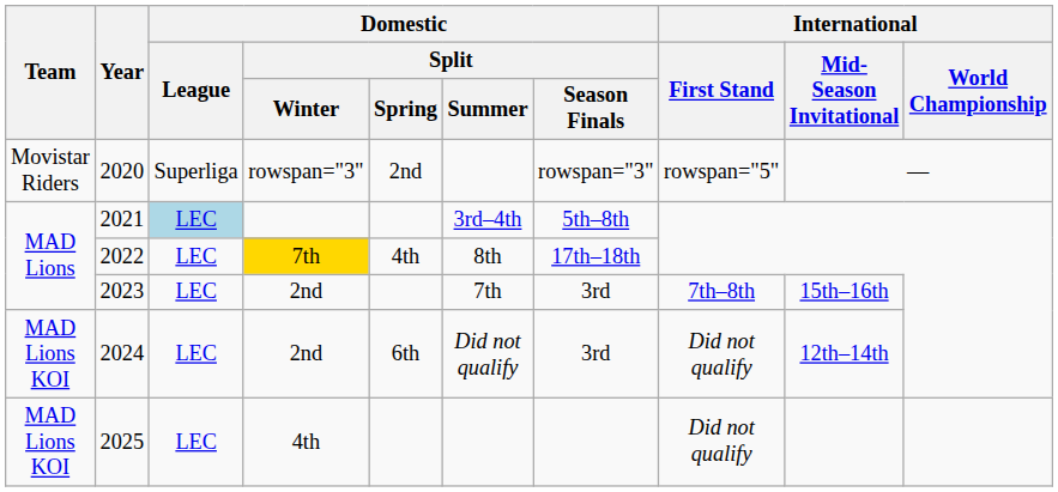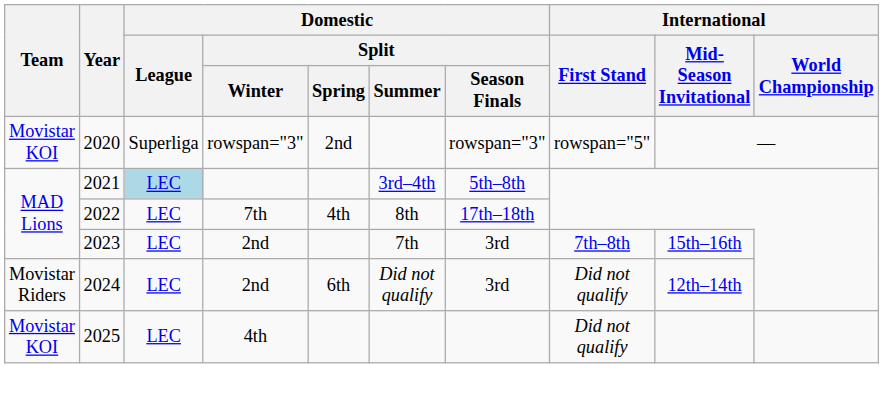 <table class="wikitable" style="font-size:90%; text-align:center;">
 <tr style="background:#f0f6ff;">
 <th rowspan=3>Team</th>
 <th rowspan=3>Year</th>
 <th colspan=5>Domestic</th>
 <th colspan=3>International</th>
 </tr>
 <tr>
 <th rowspan=2>League</th>
 <th colspan=4>Split</th>
 <th rowspan=2><a href='#'>First Stand</a></th>
 <th rowspan=2><a href='#'>Mid-Season Invitational</a></th>
 <th rowspan=2><a href='#'>World Championship</a></th>
 </tr>
 <tr>
 <th>Winter</th>
 <th>Spring</th>
 <th>Summer</th>
 <th>Season Finals</th>
 </tr>
 <tr>
-<td>Movistar Riders</td>
+<td><a href='#'>Movistar KOI</a></td>
 <td>2020</td>
 <td>Superliga</td>
 <td>rowspan="3" </td>
 <td>2nd</td>
 <td></td>
 <td>rowspan="3" </td>
 <td>rowspan="5" </td>
 <td colspan="2">—</td>
 </tr>
 <tr>
 <td rowspan="3"><a href='#'>MAD Lions</a></td>
 <td>2021</td>
 <td style="background: lightblue;"><a href='#'>LEC</a></td>
 <td></td>
 <td></td>
 <td><a href='#'>3rd–4th</a></td>
 <td><a href='#'>5th–8th</a></td>
 </tr>
 <tr>
 <td>2022</td>
 <td><a href='#'>LEC</a></td>
-<td style="background: gold;">7th</td>
+<td>7th</td>
 <td>4th</td>
 <td>8th</td>
 <td><a href='#'>17th–18th</a></td>
 </tr>
 <tr>
 <td>2023</td>
 <td><a href='#'>LEC</a></td>
 <td>2nd</td>
 <td></td>
 <td>7th</td>
 <td>3rd</td>
 <td><a href='#'>7th–8th</a></td>
 <td><a href='#'>15th–16th</a></td>
 </tr>
 <tr>
-<td><a href='#'>MAD Lions KOI</a></td>
+<td>Movistar Riders</td>
 <td>2024</td>
 <td><a href='#'>LEC</a></td>
 <td>2nd</td>
 <td>6th</td>
 <td><em>Did not qualify</em></td>
 <td>3rd</td>
 <td><em>Did not qualify</em></td>
 <td><a href='#'>12th–14th</a></td>
 </tr>
 <tr>
-<td><a href='#'>MAD Lions KOI</a></td>
+<td><a href='#'>Movistar KOI</a></td>
 <td>2025</td>
 <td><a href='#'>LEC</a></td>
 <td>4th</td>
 <td></td>
 <td></td>
 <td></td>
 <td><em>Did not qualify</em></td>
 <td></td>
 <td></td>
 </tr>
 </table>
